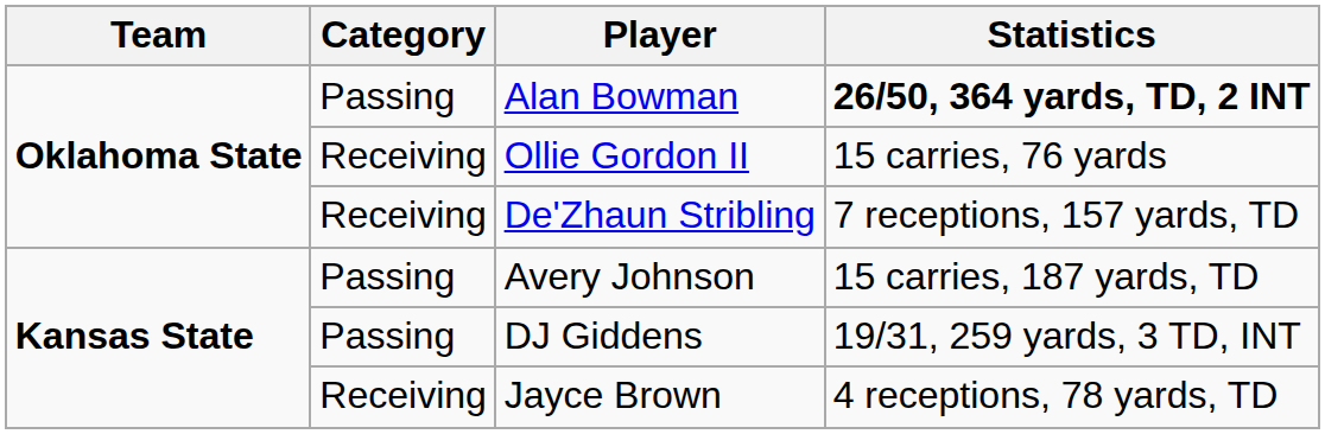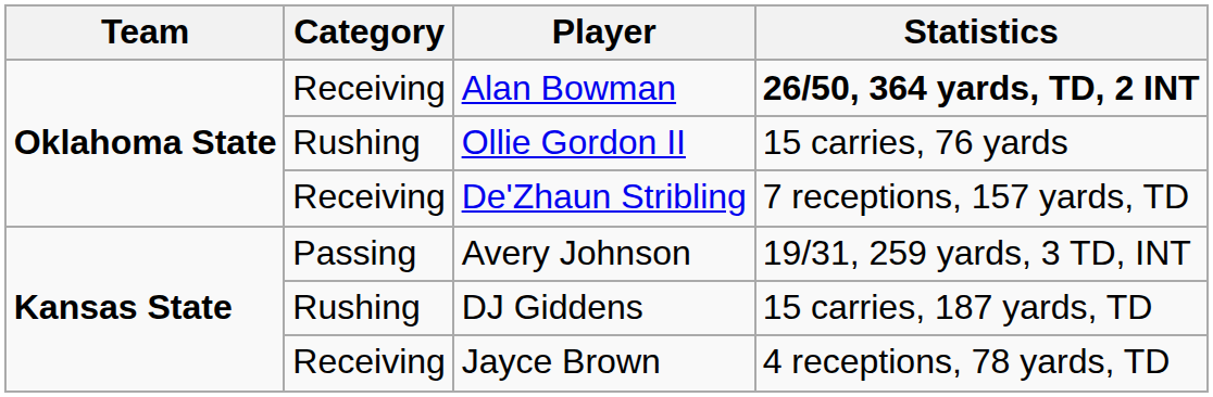 <table class="wikitable" style="float: right;">
 <tr>
 <th>Team</th>
 <th>Category</th>
 <th>Player</th>
 <th>Statistics</th>
 </tr>
 <tr>
 <td rowspan=3><strong>Oklahoma State</strong></td>
-<td>Passing</td>
+<td>Receiving</td>
 <td><a href='#'>Alan Bowman</a></td>
 <td><strong>26/50, 364 yards, TD, 2 INT</strong></td>
 </tr>
 <tr>
-<td>Receiving</td>
+<td>Rushing</td>
 <td><a href='#'>Ollie Gordon II</a></td>
 <td>15 carries, 76 yards</td>
 </tr>
 <tr>
 <td>Receiving</td>
 <td><a href='#'>De'Zhaun Stribling</a></td>
 <td>7 receptions, 157 yards, TD</td>
 </tr>
 <tr>
 <td rowspan=3><strong>Kansas State</strong></td>
 <td>Passing</td>
 <td>Avery Johnson</td>
-<td>15 carries, 187 yards, TD</td>
+<td>19/31, 259 yards, 3 TD, INT</td>
 </tr>
 <tr>
-<td>Passing</td>
+<td>Rushing</td>
 <td>DJ Giddens</td>
-<td>19/31, 259 yards, 3 TD, INT</td>
+<td>15 carries, 187 yards, TD</td>
 </tr>
 <tr>
 <td>Receiving</td>
 <td>Jayce Brown</td>
 <td>4 receptions, 78 yards, TD</td>
 </tr>
 </table>
